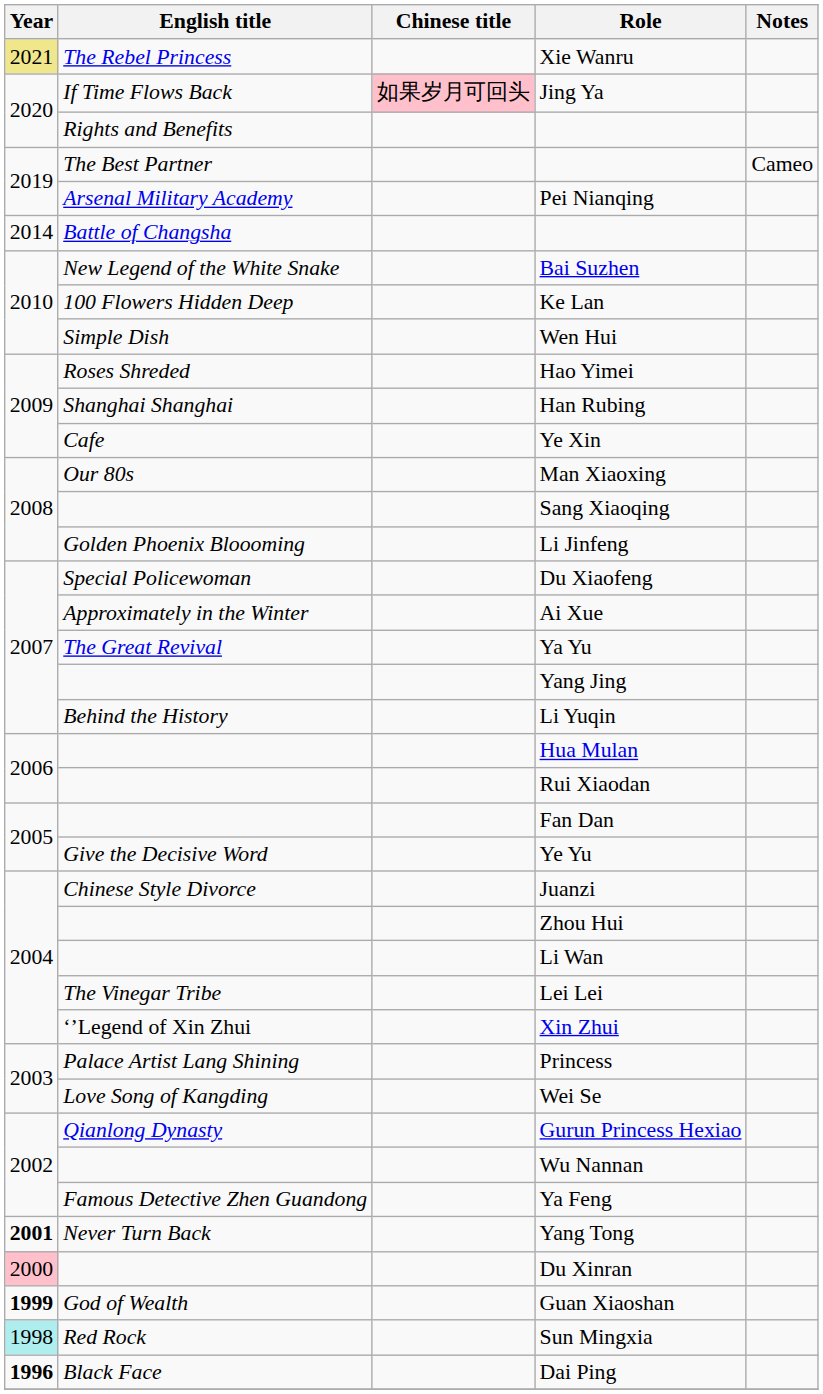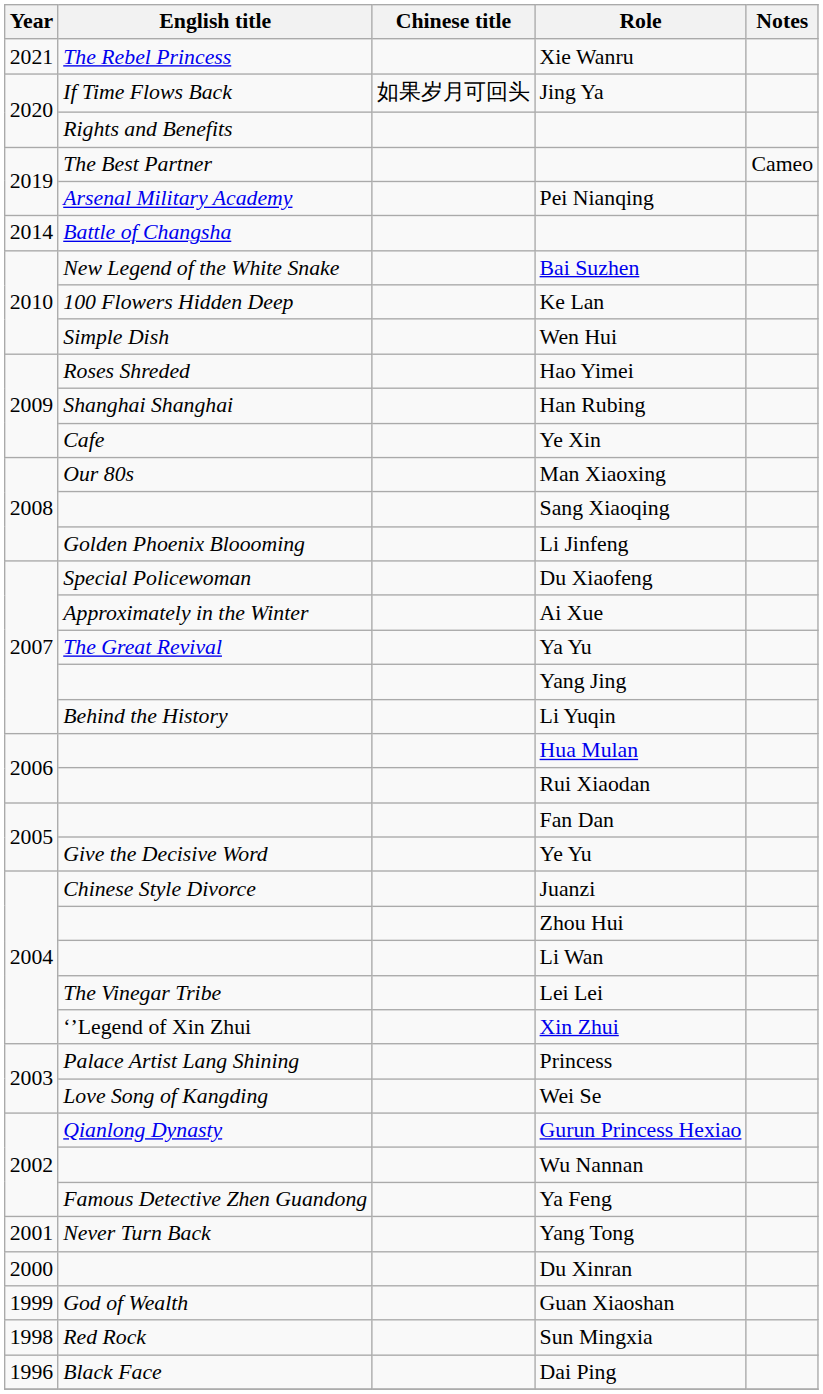 <table class="wikitable">
 <tr>
 <th>Year</th>
 <th>English title</th>
 <th>Chinese title</th>
 <th>Role</th>
 <th>Notes</th>
 </tr>
 <tr>
-<td style="background: khaki;">2021</td>
+<td>2021</td>
 <td><em><a href='#'>The Rebel Princess</a></em></td>
 <td></td>
 <td>Xie Wanru</td>
 <td></td>
 </tr>
 <tr>
 <td rowspan=2>2020</td>
 <td><em>If Time Flows Back</em></td>
-<td style="background: pink;">如果岁月可回头</td>
+<td>如果岁月可回头</td>
 <td>Jing Ya</td>
 <td></td>
 </tr>
 <tr>
 <td><em>Rights and Benefits</em></td>
 <td></td>
 <td></td>
 <td></td>
 </tr>
 <tr>
 <td rowspan=2>2019</td>
 <td><em>The Best Partner</em></td>
 <td></td>
 <td></td>
 <td>Cameo</td>
 </tr>
 <tr>
 <td><em><a href='#'>Arsenal Military Academy</a> </em></td>
 <td></td>
 <td>Pei Nianqing</td>
 <td></td>
 </tr>
 <tr>
 <td rowspan="1">2014</td>
 <td><em><a href='#'>Battle of Changsha</a></em></td>
 <td></td>
 <td></td>
 <td></td>
 </tr>
 <tr>
 <td rowspan="3">2010</td>
 <td><em>New Legend of the White Snake</em></td>
 <td></td>
 <td><a href='#'>Bai Suzhen</a></td>
 <td></td>
 </tr>
 <tr>
 <td><em>100 Flowers Hidden Deep</em></td>
 <td></td>
 <td>Ke Lan</td>
 <td></td>
 </tr>
 <tr>
 <td><em>Simple Dish</em></td>
 <td></td>
 <td>Wen Hui</td>
 <td></td>
 </tr>
 <tr>
 <td rowspan="3">2009</td>
 <td><em>Roses Shreded</em></td>
 <td></td>
 <td>Hao Yimei</td>
 <td></td>
 </tr>
 <tr>
 <td><em>Shanghai Shanghai</em></td>
 <td></td>
 <td>Han Rubing</td>
 <td></td>
 </tr>
 <tr>
 <td><em>Cafe</em></td>
 <td></td>
 <td>Ye Xin</td>
 <td></td>
 </tr>
 <tr>
 <td rowspan="3">2008</td>
 <td><em>Our 80s</em></td>
 <td></td>
 <td>Man Xiaoxing</td>
 <td></td>
 </tr>
 <tr>
 <td></td>
 <td></td>
 <td>Sang Xiaoqing</td>
 <td></td>
 </tr>
 <tr>
 <td><em>Golden Phoenix Bloooming</em></td>
 <td></td>
 <td>Li Jinfeng</td>
 <td></td>
 </tr>
 <tr>
 <td rowspan="5">2007</td>
 <td><em>Special Policewoman</em></td>
 <td></td>
 <td>Du Xiaofeng</td>
 <td></td>
 </tr>
 <tr>
 <td><em>Approximately in the Winter</em></td>
 <td></td>
 <td>Ai Xue</td>
 <td></td>
 </tr>
 <tr>
 <td><em><a href='#'>The Great Revival</a></em></td>
 <td></td>
 <td>Ya Yu</td>
 <td></td>
 </tr>
 <tr>
 <td></td>
 <td></td>
 <td>Yang Jing</td>
 <td></td>
 </tr>
 <tr>
 <td><em>Behind the History</em></td>
 <td></td>
 <td>Li Yuqin</td>
 <td></td>
 </tr>
 <tr>
 <td rowspan="2">2006</td>
 <td></td>
 <td></td>
 <td><a href='#'>Hua Mulan</a></td>
 <td></td>
 </tr>
 <tr>
 <td></td>
 <td></td>
 <td>Rui Xiaodan</td>
 <td></td>
 </tr>
 <tr>
 <td rowspan="2">2005</td>
 <td></td>
 <td></td>
 <td>Fan Dan</td>
 <td></td>
 </tr>
 <tr>
 <td><em>Give the Decisive Word</em></td>
 <td></td>
 <td>Ye Yu</td>
 <td></td>
 </tr>
 <tr>
 <td rowspan="5">2004</td>
 <td><em>Chinese Style Divorce</em></td>
 <td></td>
 <td>Juanzi</td>
 <td></td>
 </tr>
 <tr>
 <td></td>
 <td></td>
 <td>Zhou Hui</td>
 </tr>
 <tr>
 <td></td>
 <td></td>
 <td>Li Wan</td>
 <td></td>
 </tr>
 <tr>
 <td><em>The Vinegar Tribe</em></td>
 <td></td>
 <td>Lei Lei</td>
 <td></td>
 </tr>
 <tr>
 <td>‘’Legend of Xin Zhui</td>
 <td></td>
 <td><a href='#'>Xin Zhui</a></td>
 <td></td>
 </tr>
 <tr>
 <td rowspan="2">2003</td>
 <td><em>Palace Artist Lang Shining</em></td>
 <td></td>
 <td>Princess</td>
 <td></td>
 </tr>
 <tr>
 <td><em>Love Song of Kangding</em></td>
 <td></td>
 <td>Wei Se</td>
 <td></td>
 </tr>
 <tr>
 <td rowspan="3">2002</td>
 <td><em><a href='#'>Qianlong Dynasty</a></em></td>
 <td></td>
 <td><a href='#'>Gurun Princess Hexiao</a></td>
 <td></td>
 </tr>
 <tr>
 <td></td>
 <td></td>
 <td>Wu Nannan</td>
 <td></td>
 </tr>
 <tr>
 <td><em>Famous Detective Zhen Guandong</em></td>
 <td></td>
 <td>Ya Feng</td>
 <td></td>
 </tr>
 <tr>
-<td><strong>2001</strong></td>
+<td>2001</td>
 <td><em>Never Turn Back</em></td>
 <td></td>
 <td>Yang Tong</td>
 <td></td>
 </tr>
 <tr>
-<td style="background: pink;">2000</td>
+<td>2000</td>
 <td></td>
 <td></td>
 <td>Du Xinran</td>
 <td></td>
 </tr>
 <tr>
-<td><strong>1999</strong></td>
+<td>1999</td>
 <td><em>God of Wealth</em></td>
 <td></td>
 <td>Guan Xiaoshan</td>
 <td></td>
 </tr>
 <tr>
-<td style="background: paleturquoise;">1998</td>
+<td>1998</td>
 <td><em>Red Rock</em></td>
 <td></td>
 <td>Sun Mingxia</td>
 <td></td>
 </tr>
 <tr>
-<td><strong>1996</strong></td>
+<td>1996</td>
 <td><em>Black Face</em></td>
 <td></td>
 <td>Dai Ping</td>
 <td></td>
 </tr>
 <tr>
 </tr>
 </table>
